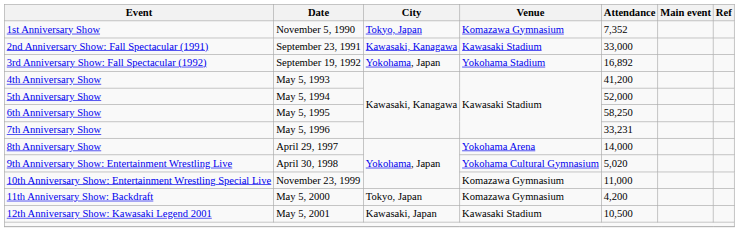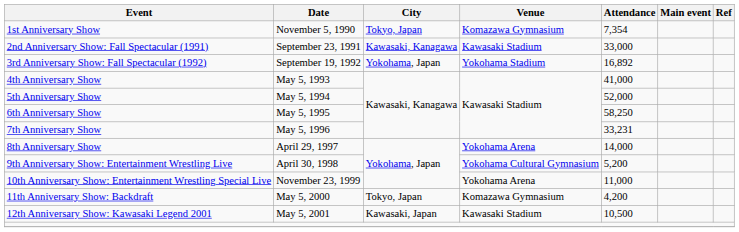 <table class="wikitable sortable">
 <tr>
 <th>Event</th>
 <th>Date</th>
 <th>City</th>
 <th>Venue</th>
 <th>Attendance</th>
 <th class=unsortable>Main event</th>
 <th>Ref</th>
 </tr>
 <tr>
 <td><a href='#'>1st Anniversary Show</a></td>
 <td>November 5, 1990</td>
 <td><a href='#'>Tokyo, Japan</a></td>
 <td><a href='#'>Komazawa Gymnasium</a></td>
-<td>7,352</td>
+<td>7,354</td>
 <td></td>
 <td></td>
 </tr>
 <tr>
 <td><a href='#'>2nd Anniversary Show: Fall Spectacular (1991)</a></td>
 <td>September 23, 1991</td>
 <td><a href='#'>Kawasaki, Kanagawa</a></td>
 <td><a href='#'>Kawasaki Stadium</a></td>
 <td>33,000</td>
 <td></td>
 <td></td>
 </tr>
 <tr>
 <td><a href='#'>3rd Anniversary Show: Fall Spectacular (1992)</a></td>
 <td>September 19, 1992</td>
 <td><a href='#'>Yokohama</a>, Japan</td>
 <td><a href='#'>Yokohama Stadium</a></td>
 <td>16,892</td>
 <td></td>
 <td></td>
 </tr>
 <tr>
 <td><a href='#'>4th Anniversary Show</a></td>
 <td>May 5, 1993</td>
 <td rowspan="4">Kawasaki, Kanagawa</td>
 <td rowspan="4">Kawasaki Stadium</td>
-<td>41,200</td>
+<td>41,000</td>
 <td></td>
 <td></td>
 </tr>
 <tr>
 <td><a href='#'>5th Anniversary Show</a></td>
 <td>May 5, 1994</td>
 <td>52,000</td>
 <td></td>
 <td></td>
 </tr>
 <tr>
 <td><a href='#'>6th Anniversary Show</a></td>
 <td>May 5, 1995</td>
 <td>58,250</td>
 <td></td>
 <td></td>
 </tr>
 <tr>
 <td><a href='#'>7th Anniversary Show</a></td>
 <td>May 5, 1996</td>
 <td>33,231</td>
 <td></td>
 <td></td>
 </tr>
 <tr>
 <td><a href='#'>8th Anniversary Show</a></td>
 <td>April 29, 1997</td>
 <td rowspan="3"><a href='#'>Yokohama</a>, Japan</td>
 <td><a href='#'>Yokohama Arena</a></td>
 <td>14,000</td>
 <td></td>
 <td></td>
 </tr>
 <tr>
 <td><a href='#'>9th Anniversary Show: Entertainment Wrestling Live</a></td>
 <td>April 30, 1998</td>
 <td><a href='#'>Yokohama Cultural Gymnasium</a></td>
-<td>5,020</td>
+<td>5,200</td>
 <td></td>
 <td></td>
 </tr>
 <tr>
 <td><a href='#'>10th Anniversary Show: Entertainment Wrestling Special Live</a></td>
 <td>November 23, 1999</td>
-<td>Komazawa Gymnasium</td>
+<td>Yokohama Arena</td>
 <td>11,000</td>
 <td></td>
 <td></td>
 </tr>
 <tr>
 <td><a href='#'>11th Anniversary Show: Backdraft</a></td>
 <td>May 5, 2000</td>
 <td>Tokyo, Japan</td>
 <td>Komazawa Gymnasium</td>
 <td>4,200</td>
 <td></td>
 <td></td>
 </tr>
 <tr>
 <td><a href='#'>12th Anniversary Show: Kawasaki Legend 2001</a></td>
 <td>May 5, 2001</td>
 <td>Kawasaki, Japan</td>
 <td>Kawasaki Stadium</td>
 <td>10,500</td>
 <td></td>
 <td></td>
 </tr>
 <tr>
 <td colspan="10"></td>
 </tr>
 <tr>
 </tr>
 </table>
